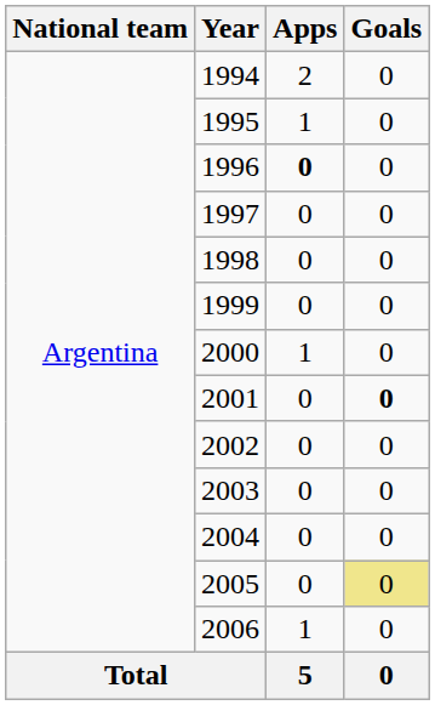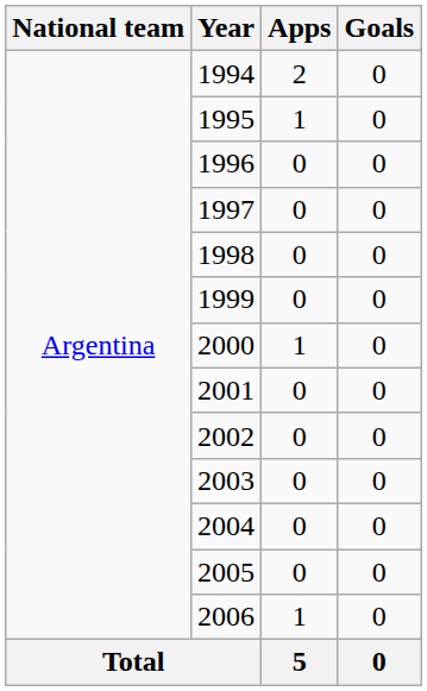 <table class="wikitable" style="text-align:center">
 <tr>
 <th>National team</th>
 <th>Year</th>
 <th>Apps</th>
 <th>Goals</th>
 </tr>
 <tr>
 <td rowspan="13"><a href='#'>Argentina</a></td>
 <td>1994</td>
 <td>2</td>
 <td>0</td>
 </tr>
 <tr>
 <td>1995</td>
 <td>1</td>
 <td>0</td>
 </tr>
 <tr>
 <td>1996</td>
-<td><strong>0</strong></td>
+<td>0</td>
 <td>0</td>
 </tr>
 <tr>
 <td>1997</td>
 <td>0</td>
 <td>0</td>
 </tr>
 <tr>
 <td>1998</td>
 <td>0</td>
 <td>0</td>
 </tr>
 <tr>
 <td>1999</td>
 <td>0</td>
 <td>0</td>
 </tr>
 <tr>
 <td>2000</td>
 <td>1</td>
 <td>0</td>
 </tr>
 <tr>
 <td>2001</td>
 <td>0</td>
-<td><strong>0</strong></td>
+<td>0</td>
 </tr>
 <tr>
 <td>2002</td>
 <td>0</td>
 <td>0</td>
 </tr>
 <tr>
 <td>2003</td>
 <td>0</td>
 <td>0</td>
 </tr>
 <tr>
 <td>2004</td>
 <td>0</td>
 <td>0</td>
 </tr>
 <tr>
 <td>2005</td>
 <td>0</td>
-<td style="background: khaki;">0</td>
+<td>0</td>
 </tr>
 <tr>
 <td>2006</td>
 <td>1</td>
 <td>0</td>
 </tr>
 <tr>
 <th colspan="2">Total</th>
 <th>5</th>
 <th>0</th>
 </tr>
 </table>
